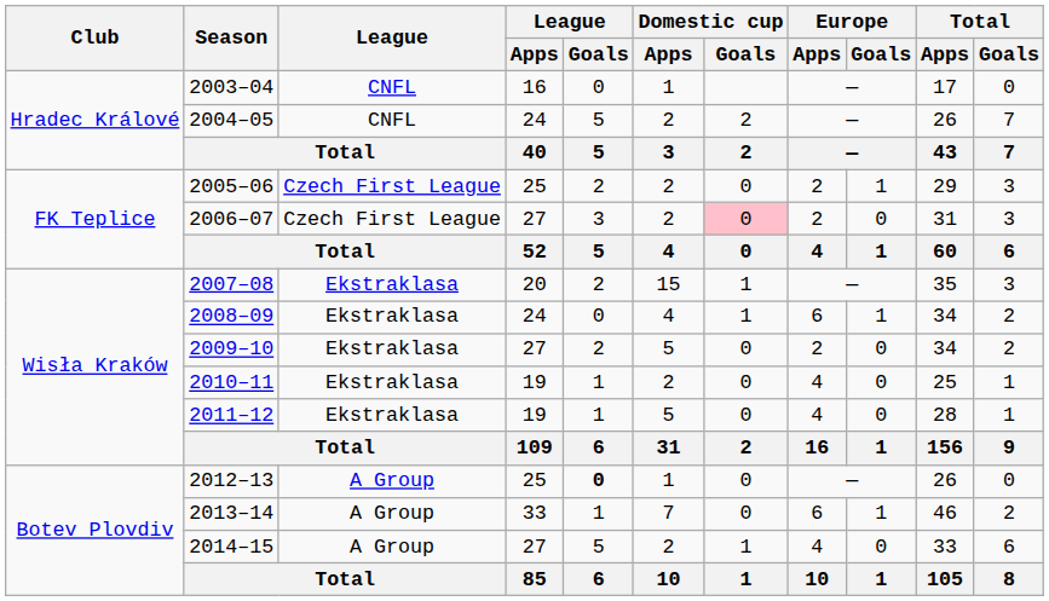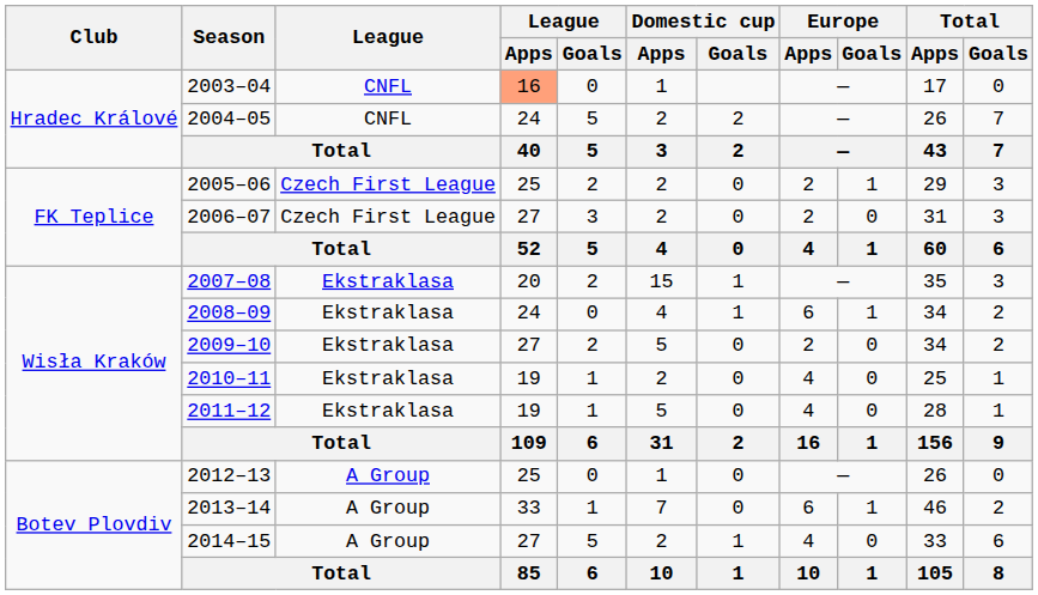 <table class="wikitable" style="text-align: center;">
 <tr>
 <th rowspan="2">Club</th>
 <th rowspan="2">Season</th>
 <th rowspan="2">League</th>
 <th colspan="2">League</th>
 <th colspan="2">Domestic cup</th>
 <th colspan="2">Europe</th>
 <th colspan="2">Total</th>
 </tr>
 <tr>
 <th>Apps</th>
 <th>Goals</th>
 <th>Apps</th>
 <th>Goals</th>
 <th>Apps</th>
 <th>Goals</th>
 <th>Apps</th>
 <th>Goals</th>
 </tr>
 <tr>
 <td rowspan="3" valign="center"><a href='#'>Hradec Králové</a></td>
 <td>2003–04</td>
 <td><a href='#'>CNFL</a></td>
-<td>16</td>
+<td style="background: lightsalmon;">16</td>
 <td>0</td>
 <td>1</td>
 <td></td>
 <td colspan="2">—</td>
 <td>17</td>
 <td>0</td>
 </tr>
 <tr>
 <td>2004–05</td>
 <td>CNFL</td>
 <td>24</td>
 <td>5</td>
 <td>2</td>
 <td>2</td>
 <td colspan="2">—</td>
 <td>26</td>
 <td>7</td>
 </tr>
 <tr>
 <th colspan="2">Total</th>
 <th>40</th>
 <th>5</th>
 <th>3</th>
 <th>2</th>
 <th colspan="2">—</th>
 <th>43</th>
 <th>7</th>
 </tr>
 <tr>
 <td rowspan="3" valign="center"><a href='#'>FK Teplice</a></td>
 <td>2005–06</td>
 <td><a href='#'>Czech First League</a></td>
 <td>25</td>
 <td>2</td>
 <td>2</td>
 <td>0</td>
 <td>2</td>
 <td>1</td>
 <td>29</td>
 <td>3</td>
 </tr>
 <tr>
 <td>2006–07</td>
 <td>Czech First League</td>
 <td>27</td>
 <td>3</td>
 <td>2</td>
-<td style="background: pink;">0</td>
+<td>0</td>
 <td>2</td>
 <td>0</td>
 <td>31</td>
 <td>3</td>
 </tr>
 <tr>
 <th colspan="2">Total</th>
 <th>52</th>
 <th>5</th>
 <th>4</th>
 <th>0</th>
 <th>4</th>
 <th>1</th>
 <th>60</th>
 <th>6</th>
 </tr>
 <tr>
 <td rowspan="6" valign="center"><a href='#'>Wisła Kraków</a></td>
 <td><a href='#'>2007–08</a></td>
 <td><a href='#'>Ekstraklasa</a></td>
 <td>20</td>
 <td>2</td>
 <td>15</td>
 <td>1</td>
 <td colspan="2">—</td>
 <td>35</td>
 <td>3</td>
 </tr>
 <tr>
 <td><a href='#'>2008–09</a></td>
 <td>Ekstraklasa</td>
 <td>24</td>
 <td>0</td>
 <td>4</td>
 <td>1</td>
 <td>6</td>
 <td>1</td>
 <td>34</td>
 <td>2</td>
 </tr>
 <tr>
 <td><a href='#'>2009–10</a></td>
 <td>Ekstraklasa</td>
 <td>27</td>
 <td>2</td>
 <td>5</td>
 <td>0</td>
 <td>2</td>
 <td>0</td>
 <td>34</td>
 <td>2</td>
 </tr>
 <tr>
 <td><a href='#'>2010–11</a></td>
 <td>Ekstraklasa</td>
 <td>19</td>
 <td>1</td>
 <td>2</td>
 <td>0</td>
 <td>4</td>
 <td>0</td>
 <td>25</td>
 <td>1</td>
 </tr>
 <tr>
 <td><a href='#'>2011–12</a></td>
 <td>Ekstraklasa</td>
 <td>19</td>
 <td>1</td>
 <td>5</td>
 <td>0</td>
 <td>4</td>
 <td>0</td>
 <td>28</td>
 <td>1</td>
 </tr>
 <tr>
 <th colspan="2">Total</th>
 <th>109</th>
 <th>6</th>
 <th>31</th>
 <th>2</th>
 <th>16</th>
 <th>1</th>
 <th>156</th>
 <th>9</th>
 </tr>
 <tr>
 <td rowspan="4" valign="center"><a href='#'>Botev Plovdiv</a></td>
 <td>2012–13</td>
 <td><a href='#'>A Group</a></td>
 <td>25</td>
-<td><strong>0</strong></td>
+<td>0</td>
 <td>1</td>
 <td>0</td>
 <td colspan="2">—</td>
 <td>26</td>
 <td>0</td>
 </tr>
 <tr>
 <td>2013–14</td>
 <td>A Group</td>
 <td>33</td>
 <td>1</td>
 <td>7</td>
 <td>0</td>
 <td>6</td>
 <td>1</td>
 <td>46</td>
 <td>2</td>
 </tr>
 <tr>
 <td>2014–15</td>
 <td>A Group</td>
 <td>27</td>
 <td>5</td>
 <td>2</td>
 <td>1</td>
 <td>4</td>
 <td>0</td>
 <td>33</td>
 <td>6</td>
 </tr>
 <tr>
 <th colspan="2">Total</th>
 <th>85</th>
 <th>6</th>
 <th>10</th>
 <th>1</th>
 <th>10</th>
 <th>1</th>
 <th>105</th>
 <th>8</th>
 </tr>
 </table>
